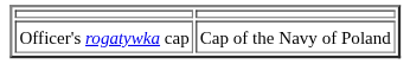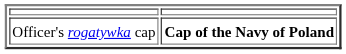 <table align="center" class="toccolours" border="2" cellpadding="2" cellspacing="2">
 <tr>
 <td></td>
 <td></td>
 </tr>
 <tr>
 <td><div><small>Officer's <em><a href='#'>rogatywka</a></em> cap</small></div></td>
-<td><div><small>Cap of the Navy of Poland</small></div></td>
+<td><strong><div><small>Cap of the Navy of Poland</small></div></strong></td>
 </tr>
 </table>
